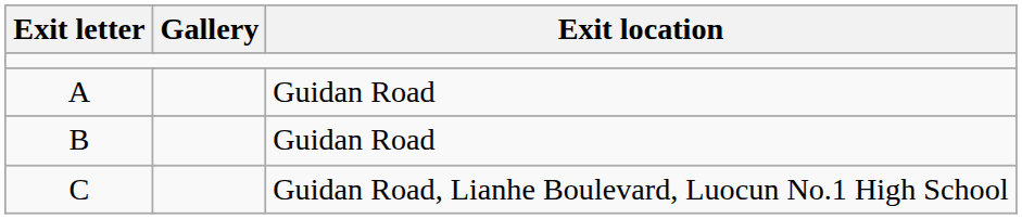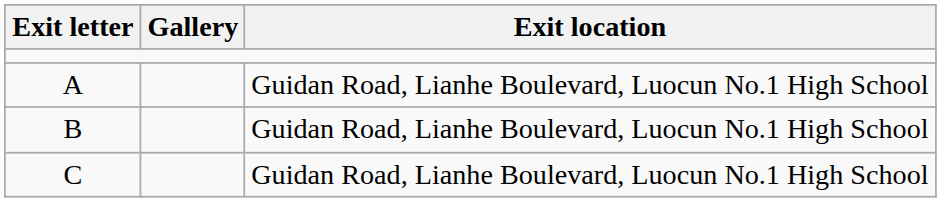 <table class="wikitable">
 <tr>
 <th style="width:70px" colspan=2>Exit letter</th>
 <th>Gallery</th>
 <th>Exit location</th>
 </tr>
 <tr style="background:#">
 <td colspan="4"></td>
 </tr>
 <tr>
 <td align=center colspan=2>A</td>
 <td></td>
-<td>Guidan Road</td>
+<td>Guidan Road, Lianhe Boulevard, Luocun No.1 High School</td>
 </tr>
 <tr>
 <td align=center colspan=2>B</td>
 <td></td>
-<td>Guidan Road</td>
+<td>Guidan Road, Lianhe Boulevard, Luocun No.1 High School</td>
 </tr>
 <tr>
 <td align=center colspan=2>C</td>
 <td></td>
 <td>Guidan Road, Lianhe Boulevard, Luocun No.1 High School</td>
 </tr>
 </table>
